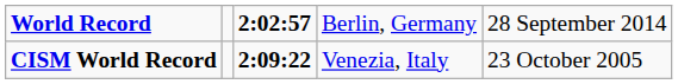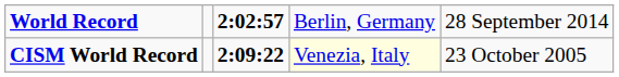 <table class="wikitable">
 <tr>
 <td><strong><a href='#'>World Record</a></strong></td>
 <td></td>
 <td><strong>2:02:57</strong></td>
 <td><a href='#'>Berlin</a>, <a href='#'>Germany</a></td>
 <td>28 September 2014</td>
 </tr>
 <tr>
 <td><strong><a href='#'>CISM</a> World Record</strong></td>
 <td></td>
 <td><strong>2:09:22</strong></td>
-<td><a href='#'>Venezia</a>, <a href='#'>Italy</a></td>
+<td style="background: lightyellow;"><a href='#'>Venezia</a>, <a href='#'>Italy</a></td>
 <td>23 October 2005</td>
 </tr>
 </table>
